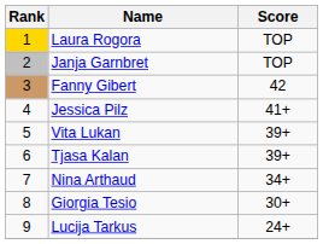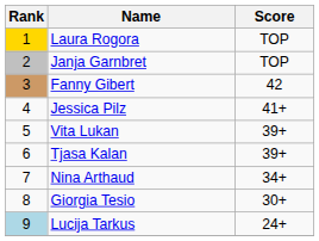 <table class="wikitable">
 <tr>
 <th>Rank</th>
 <th width = "200">Name</th>
 <th width = "80">Score</th>
 </tr>
 <tr>
 <td align="center" style="background: gold">1</td>
 <td> <a href='#'>Laura Rogora</a></td>
 <td align="center">TOP</td>
 </tr>
 <tr>
 <td align="center" style="background: silver">2</td>
 <td> <a href='#'>Janja Garnbret</a></td>
 <td align="center">TOP</td>
 </tr>
 <tr>
 <td align="center" style="background: #cc9966">3</td>
 <td> <a href='#'>Fanny Gibert</a></td>
 <td align="center">42</td>
 </tr>
 <tr>
 <td align="center">4</td>
 <td> <a href='#'>Jessica Pilz</a></td>
 <td align="center">41+</td>
 </tr>
 <tr>
 <td align="center">5</td>
 <td> <a href='#'>Vita Lukan</a></td>
 <td align="center">39+</td>
 </tr>
 <tr>
 <td align="center">6</td>
 <td> <a href='#'>Tjasa Kalan</a></td>
 <td align="center">39+</td>
 </tr>
 <tr>
 <td align="center">7</td>
 <td> <a href='#'>Nina Arthaud</a></td>
 <td align="center">34+</td>
 </tr>
 <tr>
 <td align="center">8</td>
 <td> <a href='#'>Giorgia Tesio</a></td>
 <td align="center">30+</td>
 </tr>
 <tr>
-<td align="center">9</td>
+<td align="center" style="background: lightblue;">9</td>
 <td> <a href='#'>Lucija Tarkus</a></td>
 <td align="center">24+</td>
 </tr>
 <tr>
 </tr>
 </table>
